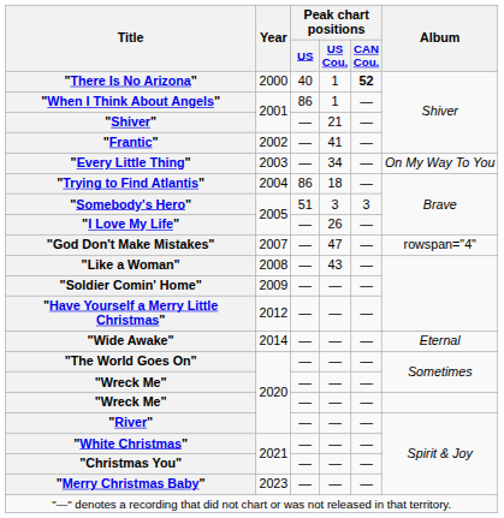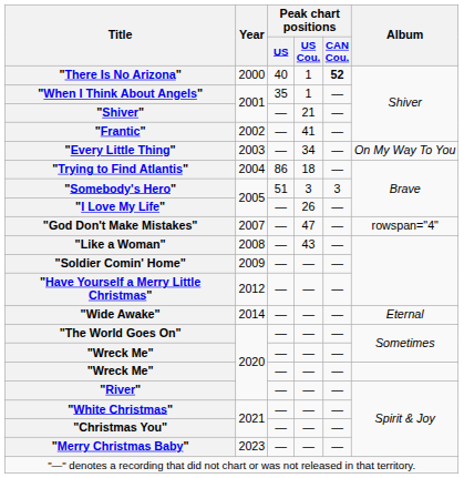 <table class="wikitable plainrowheaders" style="text-align:center;" border="1">
 <tr>
 <th scope="col" rowspan="2" style="width:19em;">Title</th>
 <th scope="col" rowspan="2">Year</th>
 <th scope="col" colspan="3">Peak chart positions</th>
 <th scope="col" rowspan="2">Album</th>
 </tr>
 <tr>
 <th scope="col" style="width:2em;font-size:90%;"><a href='#'>US</a><br></th>
 <th scope="col" style="width:2em;font-size:90%;"><a href='#'>US<br>Cou.</a><br></th>
 <th scope="col" style="width:2em;font-size:90%;"><a href='#'>CAN<br>Cou.</a><br></th>
 </tr>
 <tr>
 <th scope="row">"<a href='#'>There Is No Arizona</a>"</th>
 <td>2000</td>
 <td>40</td>
 <td>1</td>
 <td><strong>52</strong></td>
 <td rowspan="4"><em>Shiver</em></td>
 </tr>
 <tr>
 <th scope="row">"<a href='#'>When I Think About Angels</a>"</th>
 <td rowspan="2">2001</td>
-<td>86</td>
+<td>35</td>
 <td>1</td>
 <td>—</td>
 </tr>
 <tr>
 <th scope="row">"<a href='#'>Shiver</a>"</th>
 <td>—</td>
 <td>21</td>
 <td>—</td>
 </tr>
 <tr>
 <th scope="row">"<a href='#'>Frantic</a>"</th>
 <td>2002</td>
 <td>—</td>
 <td>41</td>
 <td>—</td>
 </tr>
 <tr>
 <th scope="row">"<a href='#'>Every Little Thing</a>"</th>
 <td>2003</td>
 <td>—</td>
 <td>34</td>
 <td>—</td>
 <td><em>On My Way To You</em></td>
 </tr>
 <tr>
 <th scope="row">"<a href='#'>Trying to Find Atlantis</a>"</th>
 <td>2004</td>
 <td>86</td>
 <td>18</td>
 <td>—</td>
 <td rowspan="3"><em>Brave</em></td>
 </tr>
 <tr>
 <th scope="row">"<a href='#'>Somebody's Hero</a>"</th>
 <td rowspan="2">2005</td>
 <td>51</td>
 <td>3</td>
 <td>3</td>
 </tr>
 <tr>
 <th scope="row">"<a href='#'>I Love My Life</a>"</th>
 <td>—</td>
 <td>26</td>
 <td>—</td>
 </tr>
 <tr>
 <th scope="row">"God Don't Make Mistakes"</th>
 <td>2007</td>
 <td>—</td>
 <td>47</td>
 <td>—</td>
 <td>rowspan="4" </td>
 </tr>
 <tr>
 <th scope="row">"Like a Woman"</th>
 <td>2008</td>
 <td>—</td>
 <td>43</td>
 <td>—</td>
 </tr>
 <tr>
 <th scope="row">"Soldier Comin' Home"</th>
 <td>2009</td>
 <td>—</td>
 <td>—</td>
 <td>—</td>
 </tr>
 <tr>
 <th scope="row">"<a href='#'>Have Yourself a Merry Little Christmas</a>"<br></th>
 <td>2012</td>
 <td>—</td>
 <td>—</td>
 <td>—</td>
 </tr>
 <tr>
 <th scope="row">"Wide Awake"</th>
 <td>2014</td>
 <td>—</td>
 <td>—</td>
 <td>—</td>
 <td><em>Eternal</em></td>
 </tr>
 <tr>
 <th scope="row">"The World Goes On"</th>
 <td rowspan="4">2020</td>
 <td>—</td>
 <td>—</td>
 <td>—</td>
 <td rowspan="2"><em>Sometimes</em></td>
 </tr>
 <tr>
 <th scope="row">"Wreck Me"</th>
 <td>—</td>
 <td>—</td>
 <td>—</td>
 </tr>
 <tr>
 <th scope="row">"Wreck Me" </th>
 <td>—</td>
 <td>—</td>
 <td>—</td>
 <td></td>
 </tr>
 <tr>
 <th scope="row">"<a href='#'>River</a>"</th>
 <td>—</td>
 <td>—</td>
 <td>—</td>
 <td rowspan="4"><em>Spirit & Joy</em></td>
 </tr>
 <tr>
 <th scope="row">"<a href='#'>White Christmas</a>"</th>
 <td rowspan="2">2021</td>
 <td>—</td>
 <td>—</td>
 <td>—</td>
 </tr>
 <tr>
 <th scope="row">"Christmas You"</th>
 <td>—</td>
 <td>—</td>
 <td>—</td>
 </tr>
 <tr>
 <th scope="row">"<a href='#'>Merry Christmas Baby</a>" </th>
 <td>2023</td>
 <td>—</td>
 <td>—</td>
 <td>—</td>
 </tr>
 <tr>
 <td colspan="6" style="font-size:90%">"—" denotes a recording that did not chart or was not released in that territory.</td>
 </tr>
 </table>
